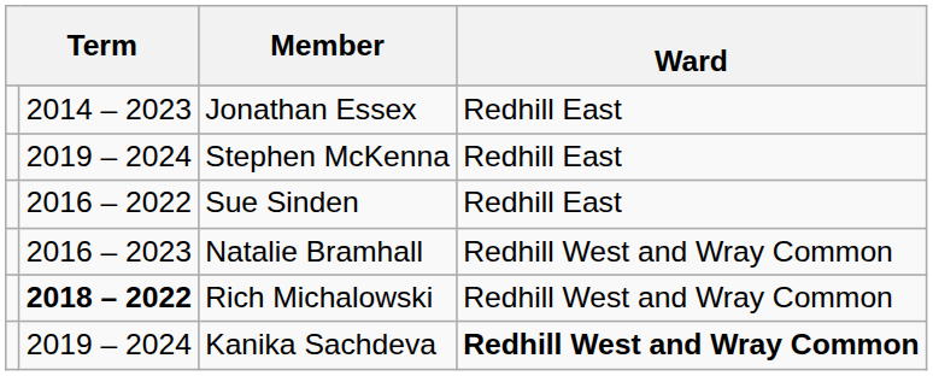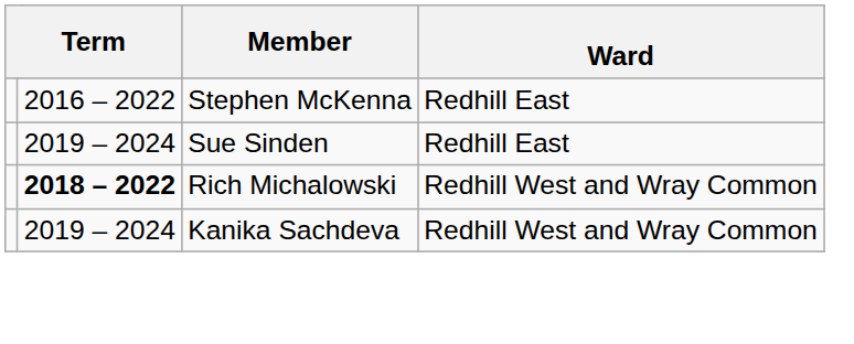 <table class="wikitable">
 <tr>
 <th colspan="2">Term</th>
 <th>Member</th>
 <th><br>Ward</th>
 </tr>
 <tr>
 <td style="background-color: "></td>
-<td>2014 – 2023</td>
-<td>Jonathan Essex</td>
+<td>2016 – 2022</td>
+<td>Stephen McKenna</td>
 <td>Redhill East</td>
 </tr>
 <tr>
 <td style="background-color: "></td>
 <td>2019 – 2024</td>
-<td>Stephen McKenna</td>
-<td>Redhill East</td>
-</tr>
-<tr>
-<td style="background-color: "></td>
-<td>2016 – 2022</td>
 <td>Sue Sinden</td>
 <td>Redhill East</td>
-</tr>
-<tr>
-<td style="background-color: "></td>
-<td>2016 – 2023</td>
-<td>Natalie Bramhall</td>
-<td>Redhill West and Wray Common</td>
 </tr>
 <tr>
 <td style="background-color: "></td>
 <td><strong>2018 – 2022</strong></td>
 <td>Rich Michalowski</td>
 <td>Redhill West and Wray Common</td>
 </tr>
 <tr>
 <td style="background-color: "></td>
 <td>2019 – 2024</td>
 <td>Kanika Sachdeva</td>
-<td><strong>Redhill West and Wray Common</strong></td>
+<td>Redhill West and Wray Common</td>
 </tr>
 </table>
